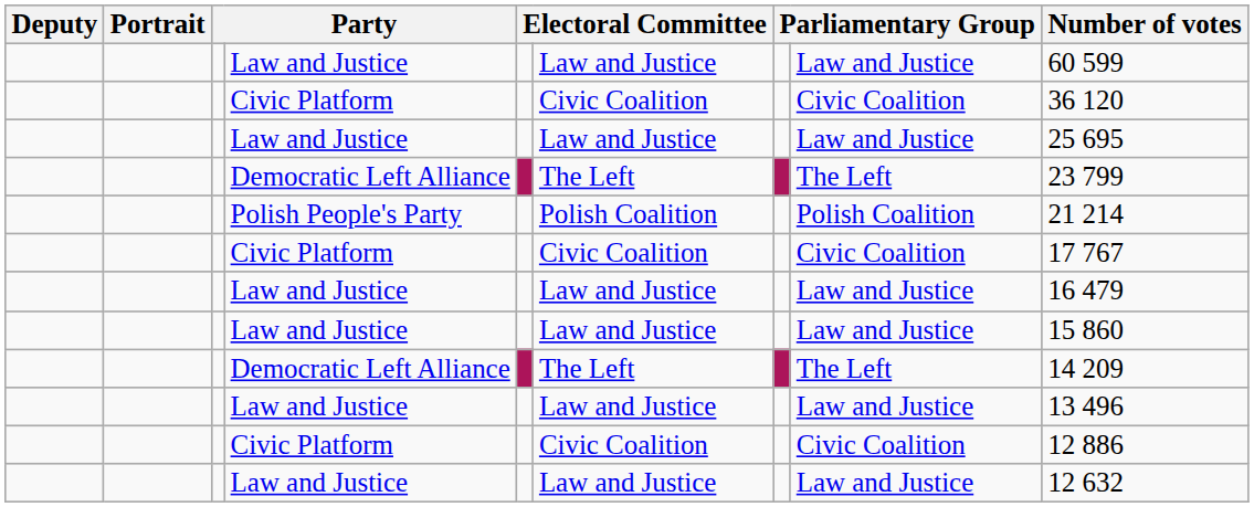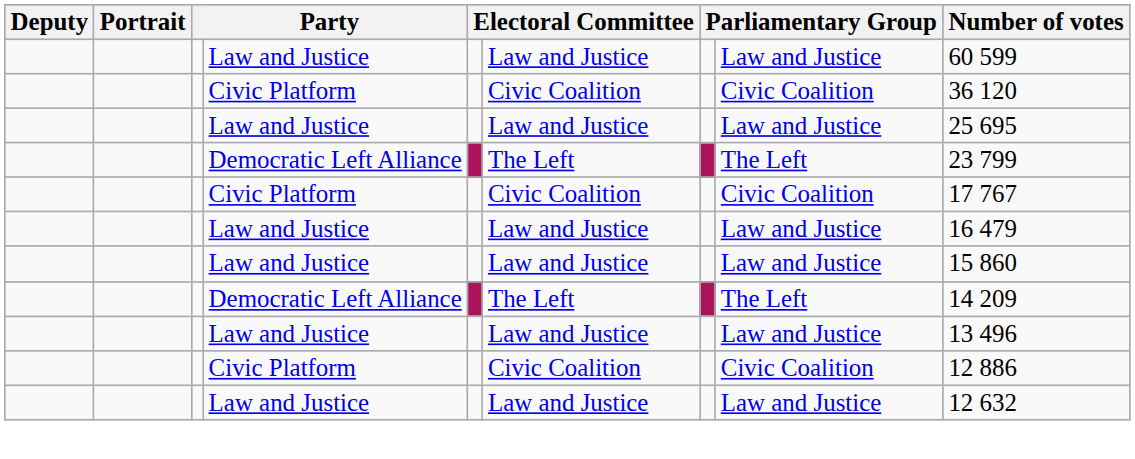 <table class="wikitable sortable" style="font-size:95%;line-height:14px;">
 <tr>
 <th>Deputy</th>
 <th>Portrait</th>
 <th colspan="2">Party</th>
 <th colspan="2">Electoral Committee</th>
 <th colspan="2">Parliamentary Group</th>
 <th>Number of votes</th>
 </tr>
 <tr>
 <td></td>
 <td></td>
 <td style="background:"></td>
 <td><a href='#'>Law and Justice</a></td>
 <td style="background:"></td>
 <td><a href='#'>Law and Justice</a></td>
 <td style="background:"></td>
 <td><a href='#'>Law and Justice</a></td>
 <td>60 599</td>
 </tr>
 <tr>
 <td></td>
 <td></td>
 <td style="background:"></td>
 <td><a href='#'>Civic Platform</a></td>
 <td style="background:"></td>
 <td><a href='#'>Civic Coalition</a></td>
 <td style="background:"></td>
 <td><a href='#'>Civic Coalition</a></td>
 <td>36 120</td>
 </tr>
 <tr>
 <td></td>
 <td></td>
 <td style="background:"></td>
 <td><a href='#'>Law and Justice</a></td>
 <td style="background:"></td>
 <td><a href='#'>Law and Justice</a></td>
 <td style="background:"></td>
 <td><a href='#'>Law and Justice</a></td>
 <td>25 695</td>
 </tr>
 <tr>
 <td></td>
 <td></td>
 <td style="background:"></td>
 <td><a href='#'>Democratic Left Alliance</a></td>
 <td style="background:#AC145A;"></td>
 <td><a href='#'>The Left</a></td>
 <td style="background:#AC145A;"></td>
 <td><a href='#'>The Left</a></td>
 <td>23 799</td>
-</tr>
-<tr>
-<td></td>
-<td></td>
-<td style="background:"></td>
-<td><a href='#'>Polish People's Party</a></td>
-<td style="background:"></td>
-<td><a href='#'>Polish Coalition</a></td>
-<td style="background:"></td>
-<td><a href='#'>Polish Coalition</a></td>
-<td>21 214</td>
 </tr>
 <tr>
 <td></td>
 <td></td>
 <td style="background:"></td>
 <td><a href='#'>Civic Platform</a></td>
 <td style="background:"></td>
 <td><a href='#'>Civic Coalition</a></td>
 <td style="background:"></td>
 <td><a href='#'>Civic Coalition</a></td>
 <td>17 767</td>
 </tr>
 <tr>
 <td></td>
 <td></td>
 <td style="background:"></td>
 <td><a href='#'>Law and Justice</a></td>
 <td style="background:"></td>
 <td><a href='#'>Law and Justice</a></td>
 <td style="background:"></td>
 <td><a href='#'>Law and Justice</a></td>
 <td>16 479</td>
 </tr>
 <tr>
 <td></td>
 <td></td>
 <td style="background:"></td>
 <td><a href='#'>Law and Justice</a></td>
 <td style="background:"></td>
 <td><a href='#'>Law and Justice</a></td>
 <td style="background:"></td>
 <td><a href='#'>Law and Justice</a></td>
 <td>15 860</td>
 </tr>
 <tr>
 <td></td>
 <td></td>
 <td style="background:"></td>
 <td><a href='#'>Democratic Left Alliance</a></td>
 <td style="background:#AC145A;"></td>
 <td><a href='#'>The Left</a></td>
 <td style="background:#AC145A;"></td>
 <td><a href='#'>The Left</a></td>
 <td>14 209</td>
 </tr>
 <tr>
 <td></td>
 <td></td>
 <td style="background:"></td>
 <td><a href='#'>Law and Justice</a></td>
 <td style="background:"></td>
 <td><a href='#'>Law and Justice</a></td>
 <td style="background:"></td>
 <td><a href='#'>Law and Justice</a></td>
 <td>13 496</td>
 </tr>
 <tr>
 <td></td>
 <td></td>
 <td style="background:"></td>
 <td><a href='#'>Civic Platform</a></td>
 <td style="background:"></td>
 <td><a href='#'>Civic Coalition</a></td>
 <td style="background:"></td>
 <td><a href='#'>Civic Coalition</a></td>
 <td>12 886</td>
 </tr>
 <tr>
 <td></td>
 <td></td>
 <td style="background:"></td>
 <td><a href='#'>Law and Justice</a></td>
 <td style="background:"></td>
 <td><a href='#'>Law and Justice</a></td>
 <td style="background:"></td>
 <td><a href='#'>Law and Justice</a></td>
 <td>12 632</td>
 </tr>
 </table>
